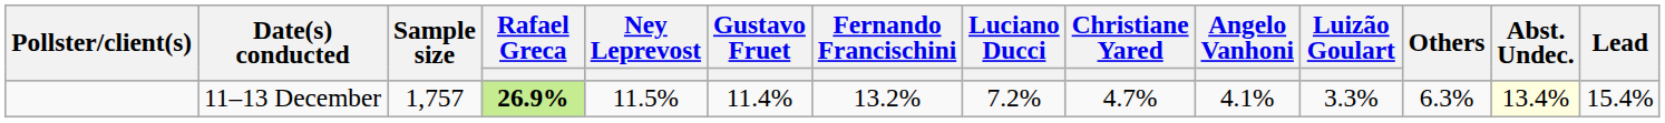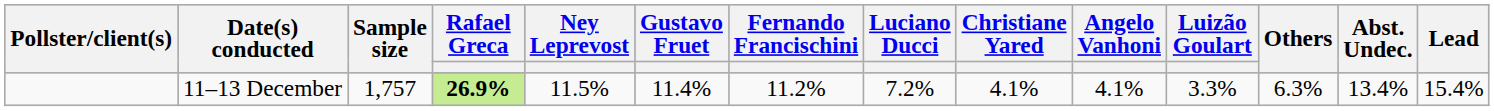 <table class="wikitable" style="text-align:center;font-size:90%;line-height:14px;">
 <tr>
 <th rowspan="2">Pollster/client(s)</th>
 <th rowspan="2">Date(s)<br>conducted</th>
 <th rowspan="2">Sample<br>size</th>
 <th class="unsortable" style="width:50px;"><a href='#'>Rafael Greca</a><br></th>
 <th class="unsortable" style="width:50px;"><a href='#'>Ney Leprevost</a><br></th>
 <th class="unsortable" style="width:50px;"><a href='#'>Gustavo Fruet</a><br></th>
 <th class="unsortable" style="width:50px;"><a href='#'>Fernando Francischini</a><br></th>
 <th class="unsortable" style="width:50px;"><a href='#'>Luciano Ducci</a><br></th>
 <th class="unsortable" style="width:50px;"><a href='#'>Christiane Yared</a><br></th>
 <th class="unsortable" style="width:50px;"><a href='#'>Angelo Vanhoni</a><br></th>
 <th class="unsortable" style="width:50px;"><a href='#'>Luizão Goulart</a><br></th>
 <th rowspan="2">Others</th>
 <th rowspan="2">Abst.<br>Undec.</th>
 <th rowspan="2">Lead</th>
 </tr>
 <tr>
 <th class="sortable" data-sort-type="number" style="background:"></th>
 <th class="sortable" data-sort-type="number" style="background:"></th>
 <th class="sortable" data-sort-type="number" style="background:"></th>
 <th class="sortable" data-sort-type="number" style="background:"></th>
 <th class="sortable" data-sort-type="number" style="background:"></th>
 <th class="sortable" data-sort-type="number" style="background:"></th>
 <th class="sortable" data-sort-type="number" style="background:"></th>
 <th class="sortable" data-sort-type="number" style="background:"></th>
 </tr>
 <tr>
 <td></td>
 <td>11–13 December</td>
 <td>1,757</td>
 <td style="background:#c5ec91;"><strong>26.9%</strong></td>
 <td>11.5%</td>
 <td>11.4%</td>
-<td>13.2%</td>
+<td>11.2%</td>
 <td>7.2%</td>
-<td>4.7%</td>
+<td>4.1%</td>
 <td>4.1%</td>
 <td>3.3%</td>
 <td>6.3%</td>
-<td style="background: lightyellow;">13.4%</td>
+<td>13.4%</td>
 <td style="background:">15.4%</td>
 </tr>
 </table>
